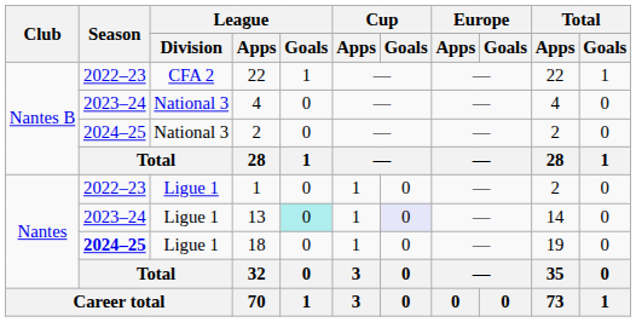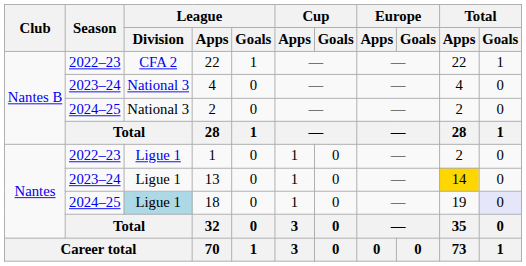 <table class="wikitable" style="text-align:center">
 <tr>
 <th rowspan="2">Club</th>
 <th rowspan="2">Season</th>
 <th colspan="3">League</th>
 <th colspan="2">Cup</th>
 <th colspan="2">Europe</th>
 <th colspan="2">Total</th>
 </tr>
 <tr>
 <th>Division</th>
 <th>Apps</th>
 <th>Goals</th>
 <th>Apps</th>
 <th>Goals</th>
 <th>Apps</th>
 <th>Goals</th>
 <th>Apps</th>
 <th>Goals</th>
 </tr>
 <tr>
 <td rowspan="4"><a href='#'>Nantes B</a></td>
 <td><a href='#'>2022–23</a></td>
 <td><a href='#'>CFA 2</a></td>
 <td>22</td>
 <td>1</td>
 <td colspan="2">—</td>
 <td colspan="2">—</td>
 <td>22</td>
 <td>1</td>
 </tr>
 <tr>
 <td><a href='#'>2023–24</a></td>
 <td><a href='#'>National 3</a></td>
 <td>4</td>
 <td>0</td>
 <td colspan="2">—</td>
 <td colspan="2">—</td>
 <td>4</td>
 <td>0</td>
 </tr>
 <tr>
 <td><a href='#'>2024–25</a></td>
 <td>National 3</td>
 <td>2</td>
 <td>0</td>
 <td colspan="2">—</td>
 <td colspan="2">—</td>
 <td>2</td>
 <td>0</td>
 </tr>
 <tr>
 <th colspan="2">Total</th>
 <th>28</th>
 <th>1</th>
 <th colspan="2">—</th>
 <th colspan="2">—</th>
 <th>28</th>
 <th>1</th>
 </tr>
 <tr>
 <td rowspan="4"><a href='#'>Nantes</a></td>
 <td><a href='#'>2022–23</a></td>
 <td><a href='#'>Ligue 1</a></td>
 <td>1</td>
 <td>0</td>
 <td>1</td>
 <td>0</td>
 <td colspan="2">—</td>
 <td>2</td>
 <td>0</td>
 </tr>
 <tr>
 <td><a href='#'>2023–24</a></td>
 <td>Ligue 1</td>
 <td>13</td>
-<td style="background: paleturquoise;">0</td>
+<td>0</td>
 <td>1</td>
-<td style="background: lavender;">0</td>
+<td>0</td>
 <td colspan="2">—</td>
-<td>14</td>
+<td style="background: gold;">14</td>
 <td>0</td>
 </tr>
 <tr>
-<td><strong><a href='#'>2024–25</a></strong></td>
-<td>Ligue 1</td>
+<td><a href='#'>2024–25</a></td>
+<td style="background: lightblue;">Ligue 1</td>
 <td>18</td>
 <td>0</td>
 <td>1</td>
 <td>0</td>
 <td colspan="2">—</td>
 <td>19</td>
-<td>0</td>
+<td style="background: lavender;">0</td>
 </tr>
 <tr>
 <th colspan="2">Total</th>
 <th>32</th>
 <th>0</th>
 <th>3</th>
 <th>0</th>
 <th colspan="2">—</th>
 <th>35</th>
 <th>0</th>
 </tr>
 <tr>
 <th colspan="3">Career total</th>
 <th>70</th>
 <th>1</th>
 <th>3</th>
 <th>0</th>
 <th>0</th>
 <th>0</th>
 <th>73</th>
 <th>1</th>
 </tr>
 </table>
